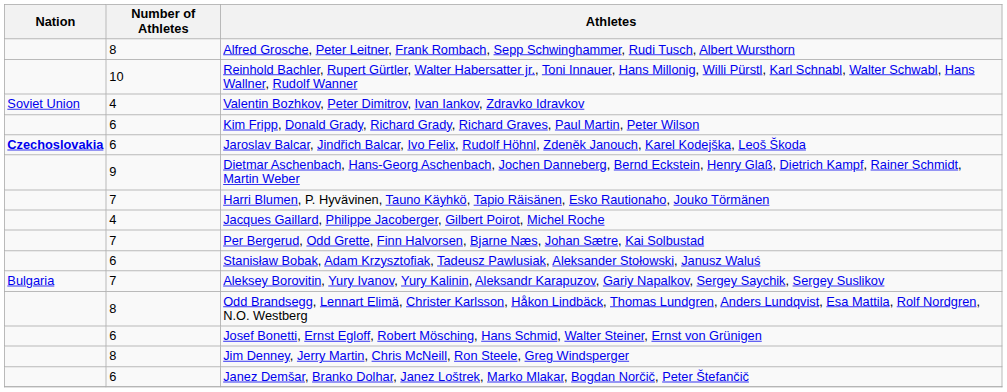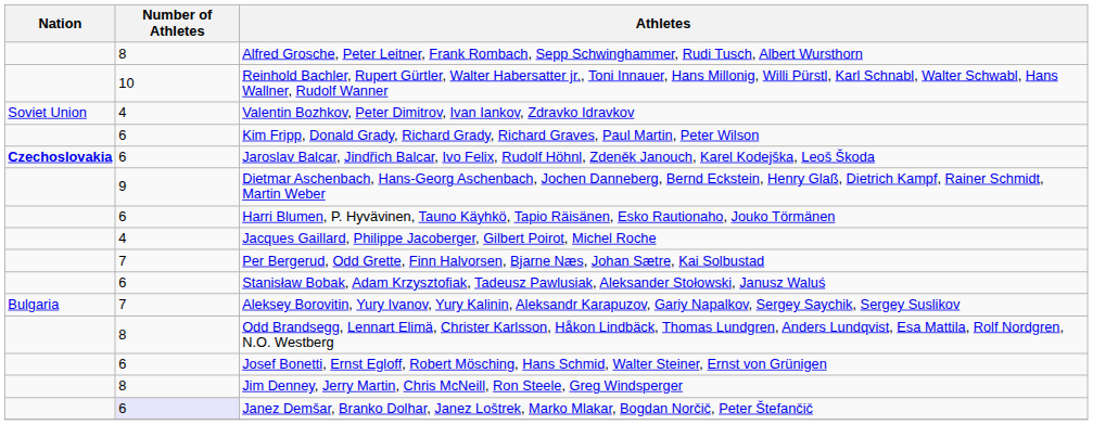 <table class="wikitable sortable">
 <tr>
 <th class="unsortable">Nation</th>
 <th>Number of Athletes</th>
 <th class="unsortable">Athletes</th>
 </tr>
 <tr>
 <td></td>
 <td>8</td>
 <td><a href='#'>Alfred Grosche</a>, <a href='#'>Peter Leitner</a>, <a href='#'>Frank Rombach</a>, <a href='#'>Sepp Schwinghammer</a>, <a href='#'>Rudi Tusch</a>, <a href='#'>Albert Wursthorn</a></td>
 </tr>
 <tr>
 <td></td>
 <td>10</td>
 <td><a href='#'>Reinhold Bachler</a>, <a href='#'>Rupert Gürtler</a>, <a href='#'>Walter Habersatter jr.</a>, <a href='#'>Toni Innauer</a>, <a href='#'>Hans Millonig</a>, <a href='#'>Willi Pürstl</a>, <a href='#'>Karl Schnabl</a>, <a href='#'>Walter Schwabl</a>, <a href='#'>Hans Wallner</a>, <a href='#'>Rudolf Wanner</a></td>
 </tr>
 <tr>
 <td> <a href='#'>Soviet Union</a></td>
 <td>4</td>
 <td><a href='#'>Valentin Bozhkov</a>, <a href='#'>Peter Dimitrov</a>, <a href='#'>Ivan Iankov</a>, <a href='#'>Zdravko Idravkov</a></td>
 </tr>
 <tr>
 <td></td>
 <td>6</td>
 <td><a href='#'>Kim Fripp</a>, <a href='#'>Donald Grady</a>, <a href='#'>Richard Grady</a>, <a href='#'>Richard Graves</a>, <a href='#'>Paul Martin</a>, <a href='#'>Peter Wilson</a></td>
 </tr>
 <tr>
 <td><strong> <a href='#'>Czechoslovakia</a></strong></td>
 <td>6</td>
 <td><a href='#'>Jaroslav Balcar</a>, <a href='#'>Jindřich Balcar</a>, <a href='#'>Ivo Felix</a>, <a href='#'>Rudolf Höhnl</a>, <a href='#'>Zdeněk Janouch</a>, <a href='#'>Karel Kodejška</a>, <a href='#'>Leoš Škoda</a></td>
 </tr>
 <tr>
 <td></td>
 <td>9</td>
 <td><a href='#'>Dietmar Aschenbach</a>, <a href='#'>Hans-Georg Aschenbach</a>, <a href='#'>Jochen Danneberg</a>, <a href='#'>Bernd Eckstein</a>, <a href='#'>Henry Glaß</a>, <a href='#'>Dietrich Kampf</a>, <a href='#'>Rainer Schmidt</a>, <a href='#'>Martin Weber</a></td>
 </tr>
 <tr>
 <td></td>
-<td>7</td>
+<td>6</td>
 <td><a href='#'>Harri Blumen</a>, P. Hyvävinen, <a href='#'>Tauno Käyhkö</a>, <a href='#'>Tapio Räisänen</a>, <a href='#'>Esko Rautionaho</a>, <a href='#'>Jouko Törmänen</a></td>
 </tr>
 <tr>
 <td></td>
 <td>4</td>
 <td><a href='#'>Jacques Gaillard</a>, <a href='#'>Philippe Jacoberger</a>, <a href='#'>Gilbert Poirot</a>, <a href='#'>Michel Roche</a></td>
 </tr>
 <tr>
 <td></td>
 <td>7</td>
 <td><a href='#'>Per Bergerud</a>, <a href='#'>Odd Grette</a>, <a href='#'>Finn Halvorsen</a>, <a href='#'>Bjarne Næs</a>, <a href='#'>Johan Sætre</a>, <a href='#'>Kai Solbustad</a></td>
 </tr>
 <tr>
 <td></td>
 <td>6</td>
 <td><a href='#'>Stanisław Bobak</a>, <a href='#'>Adam Krzysztofiak</a>, <a href='#'>Tadeusz Pawlusiak</a>, <a href='#'>Aleksander Stołowski</a>, <a href='#'>Janusz Waluś</a></td>
 </tr>
 <tr>
 <td> <a href='#'>Bulgaria</a></td>
 <td>7</td>
 <td><a href='#'>Aleksey Borovitin</a>, <a href='#'>Yury Ivanov</a>, <a href='#'>Yury Kalinin</a>, <a href='#'>Aleksandr Karapuzov</a>, <a href='#'>Gariy Napalkov</a>, <a href='#'>Sergey Saychik</a>, <a href='#'>Sergey Suslikov</a></td>
 </tr>
 <tr>
 <td></td>
 <td>8</td>
 <td><a href='#'>Odd Brandsegg</a>, <a href='#'>Lennart Elimä</a>, <a href='#'>Christer Karlsson</a>, <a href='#'>Håkon Lindbäck</a>, <a href='#'>Thomas Lundgren</a>, <a href='#'>Anders Lundqvist</a>, <a href='#'>Esa Mattila</a>, <a href='#'>Rolf Nordgren</a>, N.O. Westberg</td>
 </tr>
 <tr>
 <td></td>
 <td>6</td>
 <td><a href='#'>Josef Bonetti</a>, <a href='#'>Ernst Egloff</a>, <a href='#'>Robert Mösching</a>, <a href='#'>Hans Schmid</a>, <a href='#'>Walter Steiner</a>, <a href='#'>Ernst von Grünigen</a></td>
 </tr>
 <tr>
 <td></td>
 <td>8</td>
 <td><a href='#'>Jim Denney</a>, <a href='#'>Jerry Martin</a>, <a href='#'>Chris McNeill</a>, <a href='#'>Ron Steele</a>, <a href='#'>Greg Windsperger</a></td>
 </tr>
 <tr>
 <td></td>
-<td>6</td>
+<td style="background: lavender;">6</td>
 <td><a href='#'>Janez Demšar</a>, <a href='#'>Branko Dolhar</a>, <a href='#'>Janez Loštrek</a>, <a href='#'>Marko Mlakar</a>, <a href='#'>Bogdan Norčič</a>, <a href='#'>Peter Štefančič</a></td>
 </tr>
 <tr>
 </tr>
 </table>
